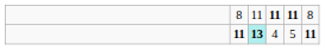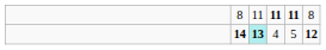 <table class="wikitable">
 <tr>
 <td style="width:18em"></td>
 <td align=center style="width:1em">8</td>
 <td align=center style="width:1em">11</td>
 <td align=center style="width:1em"><strong>11</strong></td>
 <td align=center style="width:1em"><strong>11</strong></td>
 <td align=center style="width:1em">8</td>
 </tr>
 <tr>
 <td style="width:18em"><strong></strong></td>
-<td align=center style="width:1em"><strong>11</strong></td>
+<td align=center style="width:1em"><strong>14</strong></td>
 <td align=center style="background: paleturquoise; width:1em"><strong>13</strong></td>
 <td align=center style="width:1em">4</td>
 <td align=center style="width:1em">5</td>
-<td align=center style="width:1em"><strong>11</strong></td>
+<td align=center style="width:1em"><strong>12</strong></td>
 </tr>
 </table>
